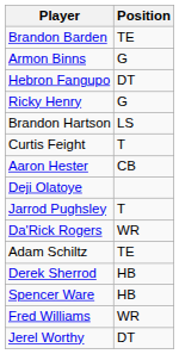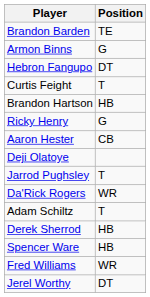 <table class="wikitable sortable">
 <tr>
 <th>Player</th>
 <th>Position</th>
 </tr>
 <tr>
 <td><a href='#'>Brandon Barden</a></td>
 <td>TE</td>
 </tr>
 <tr>
 <td><a href='#'>Armon Binns</a></td>
 <td>G</td>
 </tr>
 <tr>
 <td><a href='#'>Hebron Fangupo</a></td>
 <td>DT</td>
 </tr>
 <tr>
-<td><a href='#'>Ricky Henry</a></td>
-<td>G</td>
+<td>Curtis Feight</td>
+<td>T</td>
 </tr>
 <tr>
 <td>Brandon Hartson</td>
-<td>LS</td>
+<td>HB</td>
 </tr>
 <tr>
-<td>Curtis Feight</td>
-<td>T</td>
+<td><a href='#'>Ricky Henry</a></td>
+<td>G</td>
 </tr>
 <tr>
 <td><a href='#'>Aaron Hester</a></td>
 <td>CB</td>
 </tr>
 <tr>
 <td><a href='#'>Deji Olatoye</a></td>
 <td></td>
 </tr>
 <tr>
 <td><a href='#'>Jarrod Pughsley</a></td>
 <td>T</td>
 </tr>
 <tr>
 <td><a href='#'>Da'Rick Rogers</a></td>
 <td>WR</td>
 </tr>
 <tr>
 <td>Adam Schiltz</td>
-<td>TE</td>
+<td>T</td>
 </tr>
 <tr>
 <td><a href='#'>Derek Sherrod</a></td>
 <td>HB</td>
 </tr>
 <tr>
 <td><a href='#'>Spencer Ware</a></td>
 <td>HB</td>
 </tr>
 <tr>
 <td><a href='#'>Fred Williams</a></td>
 <td>WR</td>
 </tr>
 <tr>
 <td><a href='#'>Jerel Worthy</a></td>
 <td>DT</td>
 </tr>
 </table>
